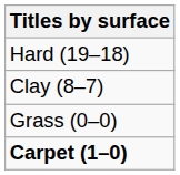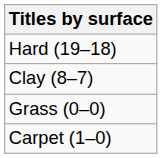 <table class=wikitable style=font-size:97%>
 <tr>
 <th>Titles by surface</th>
 </tr>
 <tr>
 <td>Hard (19–18)</td>
 </tr>
 <tr>
 <td>Clay (8–7)</td>
 </tr>
 <tr>
 <td>Grass (0–0)</td>
 </tr>
 <tr>
-<td><strong>Carpet (1–0)</strong></td>
+<td>Carpet (1–0)</td>
 </tr>
 </table>
